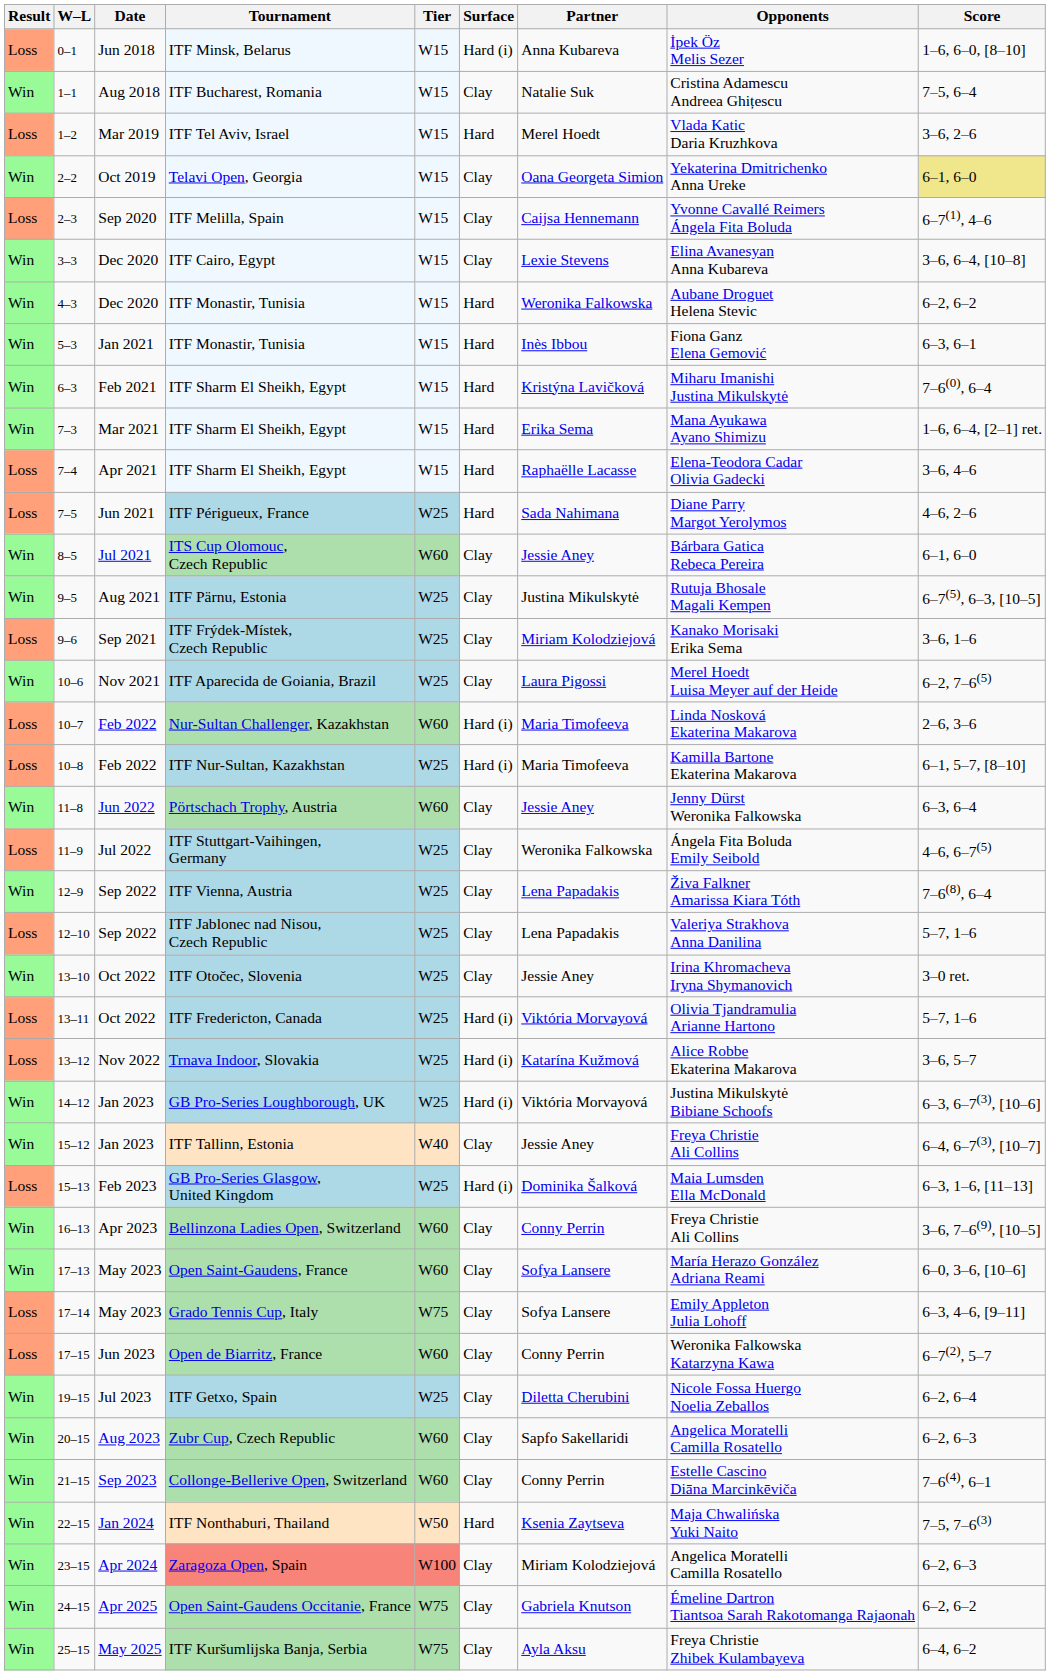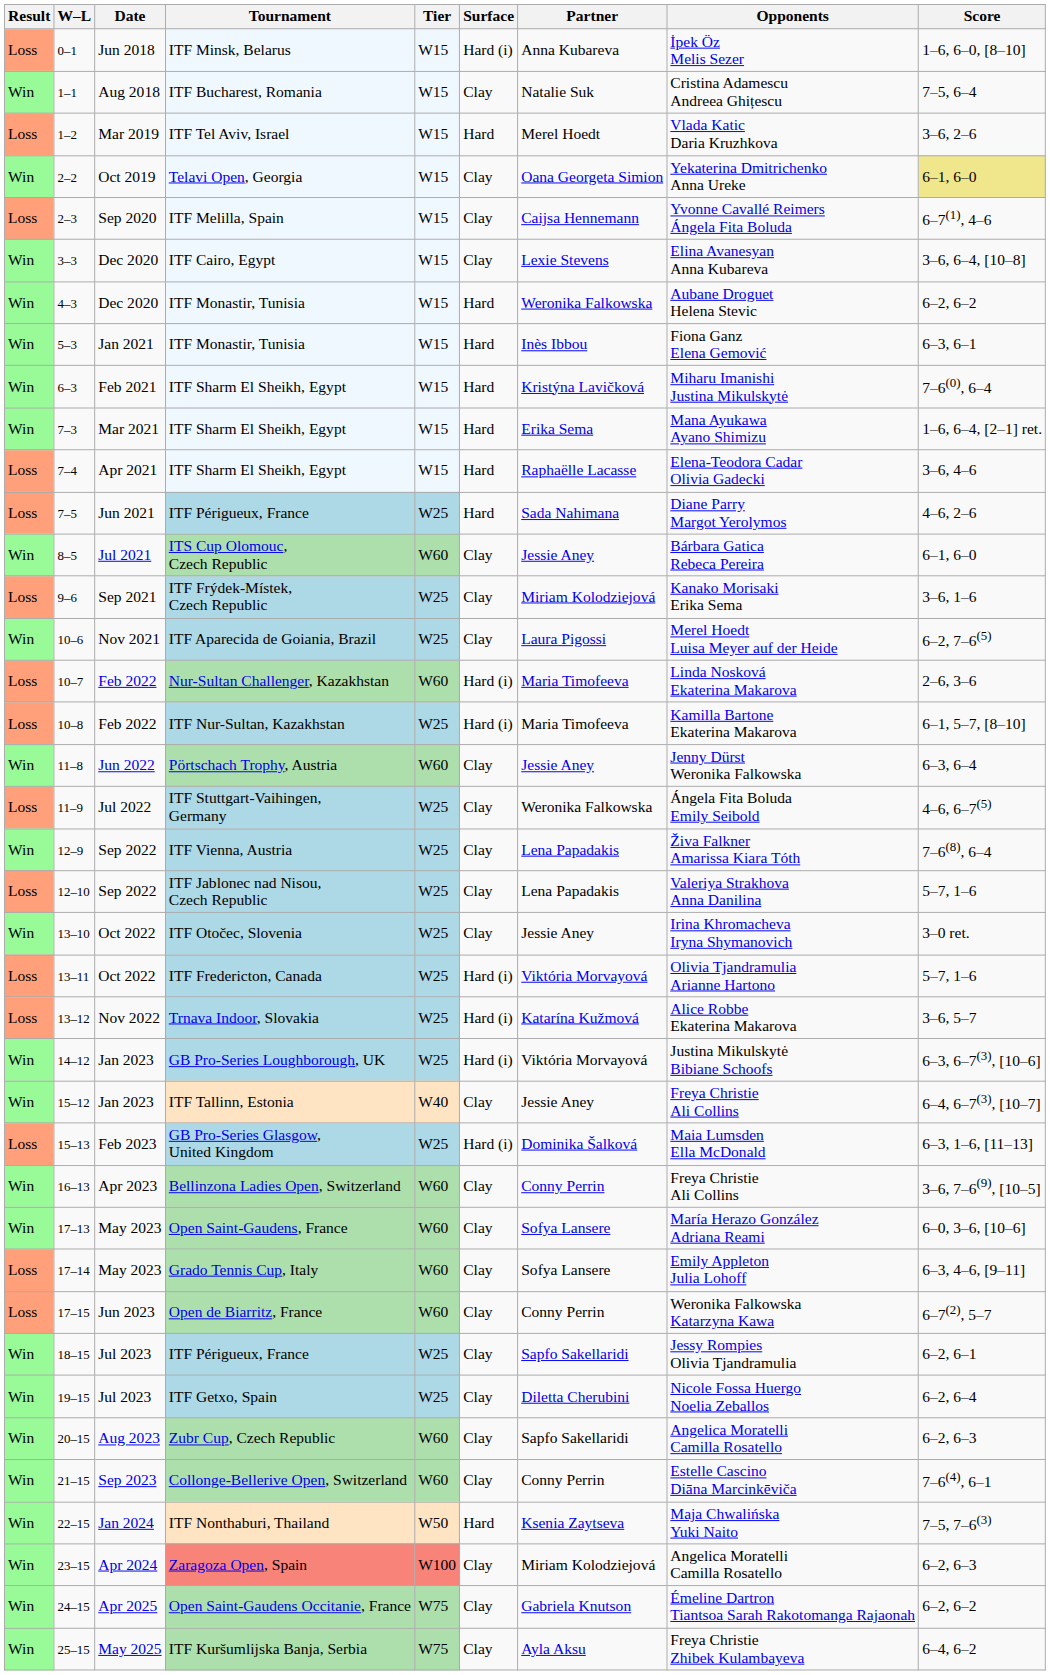 <table class="sortable wikitable">
 <tr>
 <th>Result</th>
 <th class="unsortable">W–L</th>
 <th>Date</th>
 <th>Tournament</th>
 <th>Tier</th>
 <th>Surface</th>
 <th>Partner</th>
 <th>Opponents</th>
 <th class="unsortable">Score</th>
 </tr>
 <tr>
 <td style="background:#ffa07a">Loss</td>
 <td><small>0–1</small></td>
 <td>Jun 2018</td>
 <td style="background:#f0f8ff;">ITF Minsk, Belarus</td>
 <td style="background:#f0f8ff;">W15</td>
 <td>Hard (i)</td>
 <td> Anna Kubareva</td>
 <td> <a href='#'>İpek Öz</a> <br>  <a href='#'>Melis Sezer</a></td>
 <td>1–6, 6–0, [8–10]</td>
 </tr>
 <tr>
 <td style="background:#98fb98;">Win</td>
 <td><small>1–1</small></td>
 <td>Aug 2018</td>
 <td style="background:#f0f8ff;">ITF Bucharest, Romania</td>
 <td style="background:#f0f8ff;">W15</td>
 <td>Clay</td>
 <td> Natalie Suk</td>
 <td> Cristina Adamescu <br>  Andreea Ghițescu</td>
 <td>7–5, 6–4</td>
 </tr>
 <tr>
 <td style="background:#ffa07a">Loss</td>
 <td><small>1–2</small></td>
 <td>Mar 2019</td>
 <td style="background:#f0f8ff;">ITF Tel Aviv, Israel</td>
 <td style="background:#f0f8ff;">W15</td>
 <td>Hard</td>
 <td> Merel Hoedt</td>
 <td> <a href='#'>Vlada Katic</a> <br>  Daria Kruzhkova</td>
 <td>3–6, 2–6</td>
 </tr>
 <tr>
 <td style="background:#98fb98;">Win</td>
 <td><small>2–2</small></td>
 <td>Oct 2019</td>
 <td style="background:#f0f8ff;"><a href='#'>Telavi Open</a>, Georgia</td>
 <td style="background:#f0f8ff;">W15</td>
 <td>Clay</td>
 <td> <a href='#'>Oana Georgeta Simion</a></td>
 <td> <a href='#'>Yekaterina Dmitrichenko</a> <br>  Anna Ureke</td>
 <td style="background: khaki;">6–1, 6–0</td>
 </tr>
 <tr>
 <td style="background:#ffa07a">Loss</td>
 <td><small>2–3</small></td>
 <td>Sep 2020</td>
 <td style="background:#f0f8ff;">ITF Melilla, Spain</td>
 <td style="background:#f0f8ff;">W15</td>
 <td>Clay</td>
 <td> <a href='#'>Caijsa Hennemann</a></td>
 <td> <a href='#'>Yvonne Cavallé Reimers</a> <br>  <a href='#'>Ángela Fita Boluda</a></td>
 <td>6–7<sup>(1)</sup>, 4–6</td>
 </tr>
 <tr>
 <td style="background:#98fb98;">Win</td>
 <td><small>3–3</small></td>
 <td>Dec 2020</td>
 <td style="background:#f0f8ff;">ITF Cairo, Egypt</td>
 <td style="background:#f0f8ff;">W15</td>
 <td>Clay</td>
 <td> <a href='#'>Lexie Stevens</a></td>
 <td> <a href='#'>Elina Avanesyan</a> <br>  Anna Kubareva</td>
 <td>3–6, 6–4, [10–8]</td>
 </tr>
 <tr>
 <td style="background:#98fb98;">Win</td>
 <td><small>4–3</small></td>
 <td>Dec 2020</td>
 <td style="background:#f0f8ff;">ITF Monastir, Tunisia</td>
 <td style="background:#f0f8ff;">W15</td>
 <td>Hard</td>
 <td> <a href='#'>Weronika Falkowska</a></td>
 <td> <a href='#'>Aubane Droguet</a> <br>  Helena Stevic</td>
 <td>6–2, 6–2</td>
 </tr>
 <tr>
 <td style="background:#98fb98;">Win</td>
 <td><small>5–3</small></td>
 <td>Jan 2021</td>
 <td style="background:#f0f8ff;">ITF Monastir, Tunisia</td>
 <td style="background:#f0f8ff;">W15</td>
 <td>Hard</td>
 <td> <a href='#'>Inès Ibbou</a></td>
 <td> Fiona Ganz <br>  <a href='#'>Elena Gemović</a></td>
 <td>6–3, 6–1</td>
 </tr>
 <tr>
 <td style="background:#98fb98;">Win</td>
 <td><small>6–3</small></td>
 <td>Feb 2021</td>
 <td style="background:#f0f8ff;">ITF Sharm El Sheikh, Egypt</td>
 <td style="background:#f0f8ff;">W15</td>
 <td>Hard</td>
 <td> <a href='#'>Kristýna Lavičková</a></td>
 <td> <a href='#'>Miharu Imanishi</a> <br>  <a href='#'>Justina Mikulskytė</a></td>
 <td>7–6<sup>(0)</sup>, 6–4</td>
 </tr>
 <tr>
 <td style="background:#98fb98;">Win</td>
 <td><small>7–3</small></td>
 <td>Mar 2021</td>
 <td style="background:#f0f8ff;">ITF Sharm El Sheikh, Egypt</td>
 <td style="background:#f0f8ff;">W15</td>
 <td>Hard</td>
 <td> <a href='#'>Erika Sema</a></td>
 <td> <a href='#'>Mana Ayukawa</a> <br>  <a href='#'>Ayano Shimizu</a></td>
 <td>1–6, 6–4, [2–1] ret.</td>
 </tr>
 <tr>
 <td style="background:#ffa07a">Loss</td>
 <td><small>7–4</small></td>
 <td>Apr 2021</td>
 <td style="background:#f0f8ff;">ITF Sharm El Sheikh, Egypt</td>
 <td style="background:#f0f8ff;">W15</td>
 <td>Hard</td>
 <td> <a href='#'>Raphaëlle Lacasse</a></td>
 <td> <a href='#'>Elena-Teodora Cadar</a> <br>  <a href='#'>Olivia Gadecki</a></td>
 <td>3–6, 4–6</td>
 </tr>
 <tr>
 <td style="background:#ffa07a">Loss</td>
 <td><small>7–5</small></td>
 <td>Jun 2021</td>
 <td style="background:lightblue">ITF Périgueux, France</td>
 <td style="background:lightblue">W25</td>
 <td>Hard</td>
 <td> <a href='#'>Sada Nahimana</a></td>
 <td> <a href='#'>Diane Parry</a> <br>  <a href='#'>Margot Yerolymos</a></td>
 <td>4–6, 2–6</td>
 </tr>
 <tr>
 <td style="background:#98fb98;">Win</td>
 <td><small>8–5</small></td>
 <td><a href='#'>Jul 2021</a></td>
 <td style="background:#addfad;"><a href='#'>ITS Cup Olomouc</a>, <br>Czech Republic</td>
 <td style="background:#addfad;">W60</td>
 <td>Clay</td>
 <td> <a href='#'>Jessie Aney</a></td>
 <td> <a href='#'>Bárbara Gatica</a> <br>  <a href='#'>Rebeca Pereira</a></td>
 <td>6–1, 6–0</td>
-</tr>
-<tr>
-<td style="background:#98fb98;">Win</td>
-<td><small>9–5</small></td>
-<td>Aug 2021</td>
-<td bgcolor=lightblue>ITF Pärnu, Estonia</td>
-<td bgcolor=lightblue>W25</td>
-<td>Clay</td>
-<td> Justina Mikulskytė</td>
-<td> <a href='#'>Rutuja Bhosale</a> <br>  <a href='#'>Magali Kempen</a></td>
-<td>6–7<sup>(5)</sup>, 6–3, [10–5]</td>
 </tr>
 <tr>
 <td style="background:#ffa07a;">Loss</td>
 <td><small>9–6</small></td>
 <td>Sep 2021</td>
 <td bgcolor=lightblue>ITF Frýdek-Místek, <br>Czech Republic</td>
 <td bgcolor=lightblue>W25</td>
 <td>Clay</td>
 <td> <a href='#'>Miriam Kolodziejová</a></td>
 <td> <a href='#'>Kanako Morisaki</a> <br>  Erika Sema</td>
 <td>3–6, 1–6</td>
 </tr>
 <tr>
 <td style="background:#98fb98;">Win</td>
 <td><small>10–6</small></td>
 <td>Nov 2021</td>
 <td style="background:lightblue;">ITF Aparecida de Goiania, Brazil</td>
 <td style="background:lightblue;">W25</td>
 <td>Clay</td>
 <td> <a href='#'>Laura Pigossi</a></td>
 <td> <a href='#'>Merel Hoedt</a> <br>  <a href='#'>Luisa Meyer auf der Heide</a></td>
 <td>6–2, 7–6<sup>(5)</sup></td>
 </tr>
 <tr>
 <td style="background:#ffa07a;">Loss</td>
 <td><small>10–7</small></td>
 <td><a href='#'>Feb 2022</a></td>
 <td style="background:#addfad"><a href='#'>Nur-Sultan Challenger</a>, Kazakhstan</td>
 <td style="background:#addfad">W60</td>
 <td>Hard (i)</td>
 <td> <a href='#'>Maria Timofeeva</a></td>
 <td> <a href='#'>Linda Nosková</a> <br>  <a href='#'>Ekaterina Makarova</a></td>
 <td>2–6, 3–6</td>
 </tr>
 <tr>
 <td style="background:#ffa07a;">Loss</td>
 <td><small>10–8</small></td>
 <td>Feb 2022</td>
 <td style="background:lightblue">ITF Nur-Sultan, Kazakhstan</td>
 <td style="background:lightblue">W25</td>
 <td>Hard (i)</td>
 <td> Maria Timofeeva</td>
 <td> <a href='#'>Kamilla Bartone</a> <br>  Ekaterina Makarova</td>
 <td>6–1, 5–7, [8–10]</td>
 </tr>
 <tr>
 <td style="background:#98fb98;">Win</td>
 <td><small>11–8</small></td>
 <td><a href='#'>Jun 2022</a></td>
 <td style="background:#addfad;"><a href='#'>Pörtschach Trophy</a>, Austria</td>
 <td style="background:#addfad;">W60</td>
 <td>Clay</td>
 <td> <a href='#'>Jessie Aney</a></td>
 <td> <a href='#'>Jenny Dürst</a> <br>  Weronika Falkowska</td>
 <td>6–3, 6–4</td>
 </tr>
 <tr>
 <td style="background:#ffa07a;">Loss</td>
 <td><small>11–9</small></td>
 <td>Jul 2022</td>
 <td style="background:lightblue">ITF Stuttgart-Vaihingen, <br>Germany</td>
 <td style="background:lightblue">W25</td>
 <td>Clay</td>
 <td> Weronika Falkowska</td>
 <td> Ángela Fita Boluda <br>  <a href='#'>Emily Seibold</a></td>
 <td>4–6, 6–7<sup>(5)</sup></td>
 </tr>
 <tr>
 <td style="background:#98fb98;">Win</td>
 <td><small>12–9</small></td>
 <td>Sep 2022</td>
 <td style="background:lightblue">ITF Vienna, Austria</td>
 <td style="background:lightblue">W25</td>
 <td>Clay</td>
 <td> <a href='#'>Lena Papadakis</a></td>
 <td> <a href='#'>Živa Falkner</a> <br>  <a href='#'>Amarissa Kiara Tóth</a></td>
 <td>7–6<sup>(8)</sup>, 6–4</td>
 </tr>
 <tr>
 <td style="background:#ffa07a;">Loss</td>
 <td><small>12–10</small></td>
 <td>Sep 2022</td>
 <td bgcolor=lightblue>ITF Jablonec nad Nisou, <br>Czech Republic</td>
 <td bgcolor=lightblue>W25</td>
 <td>Clay</td>
 <td> Lena Papadakis</td>
 <td> <a href='#'>Valeriya Strakhova</a> <br>  <a href='#'>Anna Danilina</a></td>
 <td>5–7, 1–6</td>
 </tr>
 <tr>
 <td style="background:#98fb98;">Win</td>
 <td><small>13–10</small></td>
 <td>Oct 2022</td>
 <td style="background:lightblue;">ITF Otočec, Slovenia</td>
 <td style="background:lightblue;">W25</td>
 <td>Clay</td>
 <td> Jessie Aney</td>
 <td> <a href='#'>Irina Khromacheva</a> <br>  <a href='#'>Iryna Shymanovich</a></td>
 <td>3–0 ret.</td>
 </tr>
 <tr>
 <td style="background:#ffa07a;">Loss</td>
 <td><small>13–11</small></td>
 <td>Oct 2022</td>
 <td style="background:lightblue;">ITF Fredericton, Canada</td>
 <td style="background:lightblue;">W25</td>
 <td>Hard (i)</td>
 <td> <a href='#'>Viktória Morvayová</a></td>
 <td> <a href='#'>Olivia Tjandramulia</a> <br>  <a href='#'>Arianne Hartono</a></td>
 <td>5–7, 1–6</td>
 </tr>
 <tr>
 <td style="background:#ffa07a;">Loss</td>
 <td><small>13–12</small></td>
 <td>Nov 2022</td>
 <td style="background:lightblue;"><a href='#'>Trnava Indoor</a>, Slovakia</td>
 <td style="background:lightblue;">W25</td>
 <td>Hard (i)</td>
 <td> <a href='#'>Katarína Kužmová</a></td>
 <td> <a href='#'>Alice Robbe</a> <br>  Ekaterina Makarova</td>
 <td>3–6, 5–7</td>
 </tr>
 <tr>
 <td style="background:#98fb98;">Win</td>
 <td><small>14–12</small></td>
 <td>Jan 2023</td>
 <td style="background:lightblue;"><a href='#'>GB Pro-Series Loughborough</a>, UK</td>
 <td style="background:lightblue;">W25</td>
 <td>Hard (i)</td>
 <td> Viktória Morvayová</td>
 <td> Justina Mikulskytė <br>  <a href='#'>Bibiane Schoofs</a></td>
 <td>6–3, 6–7<sup>(3)</sup>, [10–6]</td>
 </tr>
 <tr>
 <td style="background:#98fb98;">Win</td>
 <td><small>15–12</small></td>
 <td>Jan 2023</td>
 <td style="background:#ffe4c4;">ITF Tallinn, Estonia</td>
 <td style="background:#ffe4c4;">W40</td>
 <td>Clay</td>
 <td> Jessie Aney</td>
 <td> <a href='#'>Freya Christie</a> <br>  <a href='#'>Ali Collins</a></td>
 <td>6–4, 6–7<sup>(3)</sup>, [10–7]</td>
 </tr>
 <tr>
 <td style="background:#ffa07a;">Loss</td>
 <td><small>15–13</small></td>
 <td>Feb 2023</td>
 <td bgcolor=lightblue><a href='#'>GB Pro-Series Glasgow</a>, <br>United Kingdom</td>
 <td bgcolor=lightblue>W25</td>
 <td>Hard (i)</td>
 <td> <a href='#'>Dominika Šalková</a></td>
 <td> <a href='#'>Maia Lumsden</a> <br>  <a href='#'>Ella McDonald</a></td>
 <td>6–3, 1–6, [11–13]</td>
 </tr>
 <tr>
 <td style="background:#98fb98;">Win</td>
 <td><small>16–13</small></td>
 <td>Apr 2023</td>
 <td bgcolor=addfad><a href='#'>Bellinzona Ladies Open</a>, Switzerland</td>
 <td bgcolor=addfad>W60</td>
 <td>Clay</td>
 <td> <a href='#'>Conny Perrin</a></td>
 <td> Freya Christie <br>  Ali Collins</td>
 <td>3–6, 7–6<sup>(9)</sup>, [10–5]</td>
 </tr>
 <tr>
 <td style="background:#98fb98;">Win</td>
 <td><small>17–13</small></td>
 <td>May 2023</td>
 <td bgcolor=addfad><a href='#'>Open Saint-Gaudens</a>, France</td>
 <td bgcolor=addfad>W60</td>
 <td>Clay</td>
 <td> <a href='#'>Sofya Lansere</a></td>
 <td> <a href='#'>María Herazo González</a> <br>  <a href='#'>Adriana Reami</a></td>
 <td>6–0, 3–6, [10–6]</td>
 </tr>
 <tr>
 <td style="background:#ffa07a;">Loss</td>
 <td><small>17–14</small></td>
 <td>May 2023</td>
 <td bgcolor=addfad><a href='#'>Grado Tennis Cup</a>, Italy</td>
-<td bgcolor=addfad>W75</td>
+<td bgcolor=addfad>W60</td>
 <td>Clay</td>
 <td> Sofya Lansere</td>
 <td> <a href='#'>Emily Appleton</a> <br>  <a href='#'>Julia Lohoff</a></td>
 <td>6–3, 4–6, [9–11]</td>
 </tr>
 <tr>
 <td style="background:#ffa07a;">Loss</td>
 <td><small>17–15</small></td>
 <td>Jun 2023</td>
 <td bgcolor=addfad><a href='#'>Open de Biarritz</a>, France</td>
 <td bgcolor=addfad>W60</td>
 <td>Clay</td>
 <td> Conny Perrin</td>
 <td> Weronika Falkowska <br>  <a href='#'>Katarzyna Kawa</a></td>
 <td>6–7<sup>(2)</sup>, 5–7</td>
+</tr>
+<tr>
+<td style="background:#98fb98;">Win</td>
+<td><small>18–15</small></td>
+<td>Jul 2023</td>
+<td bgcolor=lightblue>ITF Périgueux, France</td>
+<td bgcolor=lightblue>W25</td>
+<td>Clay</td>
+<td> <a href='#'>Sapfo Sakellaridi</a></td>
+<td> <a href='#'>Jessy Rompies</a> <br>  Olivia Tjandramulia</td>
+<td>6–2, 6–1</td>
 </tr>
 <tr>
 <td style="background:#98fb98;">Win</td>
 <td><small>19–15</small></td>
 <td>Jul 2023</td>
 <td bgcolor=lightblue>ITF Getxo, Spain</td>
 <td bgcolor=lightblue>W25</td>
 <td>Clay</td>
 <td> <a href='#'>Diletta Cherubini</a></td>
 <td> <a href='#'>Nicole Fossa Huergo</a> <br>  <a href='#'>Noelia Zeballos</a></td>
 <td>6–2, 6–4</td>
 </tr>
 <tr>
 <td style="background:#98fb98;">Win</td>
 <td><small>20–15</small></td>
 <td><a href='#'>Aug 2023</a></td>
 <td bgcolor=addfad><a href='#'>Zubr Cup</a>, Czech Republic</td>
 <td bgcolor=addfad>W60</td>
 <td>Clay</td>
 <td> Sapfo Sakellaridi</td>
 <td> <a href='#'>Angelica Moratelli</a> <br>  <a href='#'>Camilla Rosatello</a></td>
 <td>6–2, 6–3</td>
 </tr>
 <tr>
 <td style="background:#98fb98;">Win</td>
 <td><small>21–15</small></td>
 <td><a href='#'>Sep 2023</a></td>
 <td bgcolor=addfad><a href='#'>Collonge-Bellerive Open</a>, Switzerland</td>
 <td bgcolor=addfad>W60</td>
 <td>Clay</td>
 <td> Conny Perrin</td>
 <td> <a href='#'>Estelle Cascino</a> <br>  <a href='#'>Diāna Marcinkēviča</a></td>
 <td>7–6<sup>(4)</sup>, 6–1</td>
 </tr>
 <tr>
 <td style="background:#98fb98;">Win</td>
 <td><small>22–15</small></td>
 <td><a href='#'>Jan 2024</a></td>
 <td style="background:#ffe4c4;">ITF Nonthaburi, Thailand</td>
 <td style="background:#ffe4c4;">W50</td>
 <td>Hard</td>
 <td> <a href='#'>Ksenia Zaytseva</a></td>
 <td> <a href='#'>Maja Chwalińska</a> <br>  <a href='#'>Yuki Naito</a></td>
 <td>7–5, 7–6<sup>(3)</sup></td>
 </tr>
 <tr>
 <td style="background:#98fb98;">Win</td>
 <td><small>23–15</small></td>
 <td><a href='#'>Apr 2024</a></td>
 <td style=background:#f88379;><a href='#'>Zaragoza Open</a>, Spain</td>
 <td style=background:#f88379;>W100</td>
 <td>Clay</td>
 <td> Miriam Kolodziejová</td>
 <td> Angelica Moratelli <br>  Camilla Rosatello</td>
 <td>6–2, 6–3</td>
 </tr>
 <tr>
 <td style="background:#98fb98;">Win</td>
 <td><small>24–15</small></td>
 <td><a href='#'>Apr 2025</a></td>
 <td bgcolor=addfad><a href='#'>Open Saint-Gaudens Occitanie</a>, France</td>
 <td bgcolor=addfad>W75</td>
 <td>Clay</td>
 <td> <a href='#'>Gabriela Knutson</a></td>
 <td> <a href='#'>Émeline Dartron</a> <br>  <a href='#'>Tiantsoa Sarah Rakotomanga Rajaonah</a></td>
 <td>6–2, 6–2</td>
 </tr>
 <tr>
 <td style="background:#98fb98;">Win</td>
 <td><small>25–15</small></td>
 <td><a href='#'>May 2025</a></td>
 <td style="background:#addfad">ITF Kuršumlijska Banja, Serbia</td>
 <td style="background:#addfad">W75</td>
 <td>Clay</td>
 <td> <a href='#'>Ayla Aksu</a></td>
 <td> Freya Christie <br>  <a href='#'>Zhibek Kulambayeva</a></td>
 <td>6–4, 6–2</td>
 </tr>
 </table>
